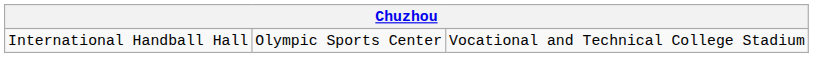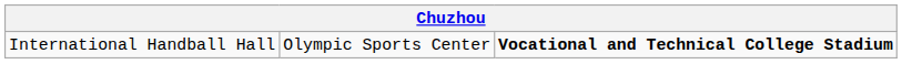 <table class="wikitable" style="text-align:center;">
 <tr>
 <th colspan="3"><strong><a href='#'>Chuzhou</a></strong></th>
 </tr>
 <tr>
 <td>International Handball Hall</td>
 <td>Olympic Sports Center</td>
-<td>Vocational and Technical College Stadium</td>
+<td><strong>Vocational and Technical College Stadium</strong></td>
 </tr>
 </table>
